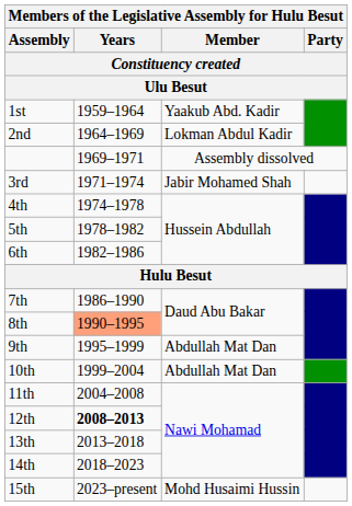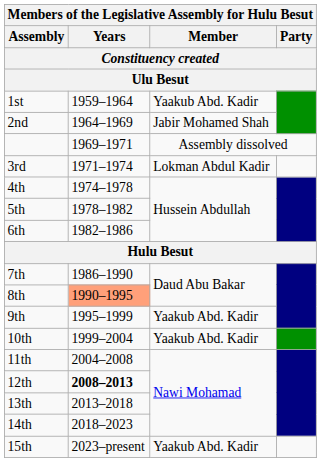 <table class=wikitable>
 <tr>
 <th colspan=4>Members of the Legislative Assembly for Hulu Besut</th>
 </tr>
 <tr>
 <th>Assembly</th>
 <th>Years</th>
 <th>Member</th>
 <th>Party</th>
 </tr>
 <tr>
 <th colspan=4 align=center><em>Constituency created</em></th>
 </tr>
 <tr>
 <th colspan=4 align=center>Ulu Besut</th>
 </tr>
 <tr>
 <td>1st</td>
 <td>1959–1964</td>
 <td>Yaakub Abd. Kadir</td>
 <td rowspan=2 bgcolor=#009000></td>
 </tr>
 <tr>
 <td>2nd</td>
 <td>1964–1969</td>
-<td>Lokman Abdul Kadir</td>
+<td>Jabir Mohamed Shah</td>
 </tr>
 <tr>
 <td></td>
 <td>1969–1971</td>
 <td colspan=2 align=center>Assembly dissolved</td>
 </tr>
 <tr>
 <td>3rd</td>
 <td>1971–1974</td>
-<td>Jabir Mohamed Shah</td>
+<td>Lokman Abdul Kadir</td>
 <td></td>
 </tr>
 <tr>
 <td>4th</td>
 <td>1974–1978</td>
 <td rowspan=3>Hussein Abdullah</td>
 <td rowspan=3 bgcolor=#000080></td>
 </tr>
 <tr>
 <td>5th</td>
 <td>1978–1982</td>
 </tr>
 <tr>
 <td>6th</td>
 <td>1982–1986</td>
 </tr>
 <tr>
 <th colspan=4 align=center>Hulu Besut</th>
 </tr>
 <tr>
 <td>7th</td>
 <td>1986–1990</td>
 <td rowspan=2>Daud Abu Bakar</td>
 <td rowspan=3 bgcolor=#000080></td>
 </tr>
 <tr>
 <td>8th</td>
 <td style="background: lightsalmon;">1990–1995</td>
 </tr>
 <tr>
 <td>9th</td>
 <td>1995–1999</td>
-<td>Abdullah Mat Dan</td>
+<td>Yaakub Abd. Kadir</td>
 </tr>
 <tr>
 <td>10th</td>
 <td>1999–2004</td>
-<td>Abdullah Mat Dan</td>
+<td>Yaakub Abd. Kadir</td>
 <td bgcolor=#009000></td>
 </tr>
 <tr>
 <td>11th</td>
 <td>2004–2008</td>
 <td rowspan=4><a href='#'>Nawi Mohamad</a></td>
 <td rowspan=4 bgcolor=#000080></td>
 </tr>
 <tr>
 <td>12th</td>
 <td><strong>2008–2013</strong></td>
 </tr>
 <tr>
 <td>13th</td>
 <td>2013–2018</td>
 </tr>
 <tr>
 <td>14th</td>
 <td>2018–2023</td>
 </tr>
 <tr>
 <td>15th</td>
 <td>2023–present</td>
-<td>Mohd Husaimi Hussin</td>
+<td>Yaakub Abd. Kadir</td>
 <td></td>
 </tr>
 </table>
